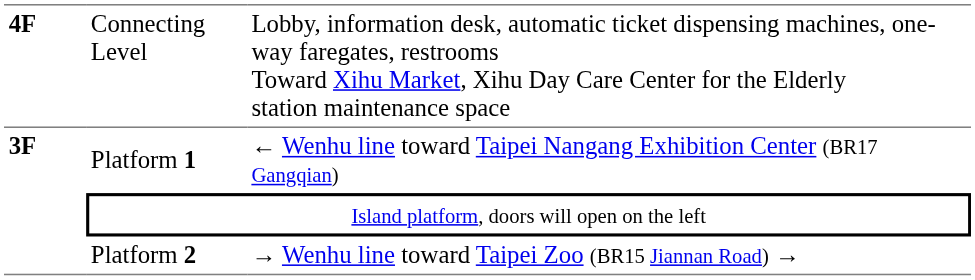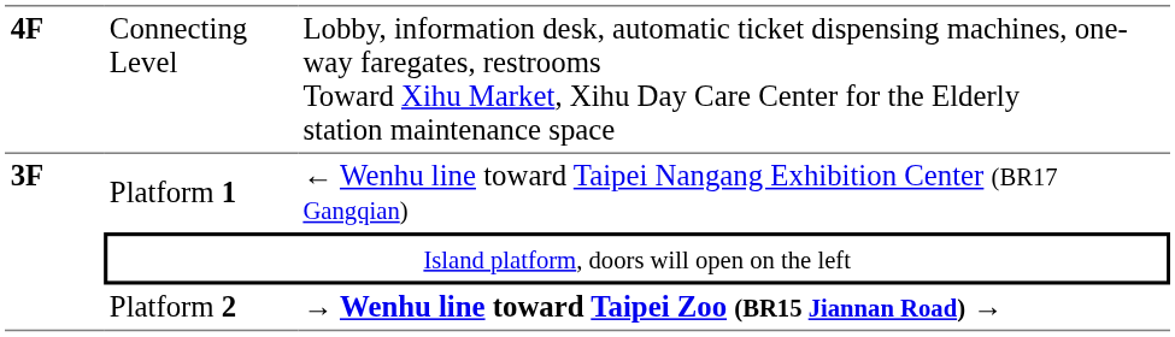 <table table border=0 cellspacing=0 cellpadding=3>
 <tr>
 <td style="border-bottom:solid 1px gray;border-top:solid 1px gray;" width=50 valign=top><strong>4F</strong></td>
 <td style="border-top:solid 1px gray;border-bottom:solid 1px gray;" width=100 valign=top>Connecting Level</td>
 <td style="border-top:solid 1px gray;border-bottom:solid 1px gray;" width=500 valign=top>Lobby, information desk, automatic ticket dispensing machines, one-way faregates, restrooms<br>Toward <a href='#'>Xihu Market</a>, Xihu Day Care Center for the Elderly<br>station maintenance space</td>
 </tr>
 <tr>
 <td style="border-bottom:solid 1px gray;" width=50 rowspan=10 valign=top><strong>3F</strong></td>
 </tr>
 <tr>
 <td>Platform <span><strong>1</strong></span></td>
 <td>←  <a href='#'>Wenhu line</a> toward <a href='#'>Taipei Nangang Exhibition Center</a> <small>(BR17 <a href='#'>Gangqian</a>)</small></td>
 </tr>
 <tr>
 <td style="border-top:solid 2px black;border-right:solid 2px black;border-left:solid 2px black;border-bottom:solid 2px black;text-align:center;" colspan=2><small><a href='#'>Island platform</a>, doors will open on the left</small></td>
 </tr>
 <tr>
 <td style="border-bottom:solid 1px gray;">Platform <span><strong>2</strong></span></td>
-<td style="border-bottom:solid 1px gray;"><span>→</span>  <a href='#'>Wenhu line</a> toward <a href='#'>Taipei Zoo</a> <small>(BR15 <a href='#'>Jiannan Road</a>)</small> →</td>
+<td style="border-bottom:solid 1px gray;"><strong><span>→</span>  <a href='#'>Wenhu line</a> toward <a href='#'>Taipei Zoo</a> <small>(BR15 <a href='#'>Jiannan Road</a>)</small> →</strong></td>
 </tr>
 </table>
